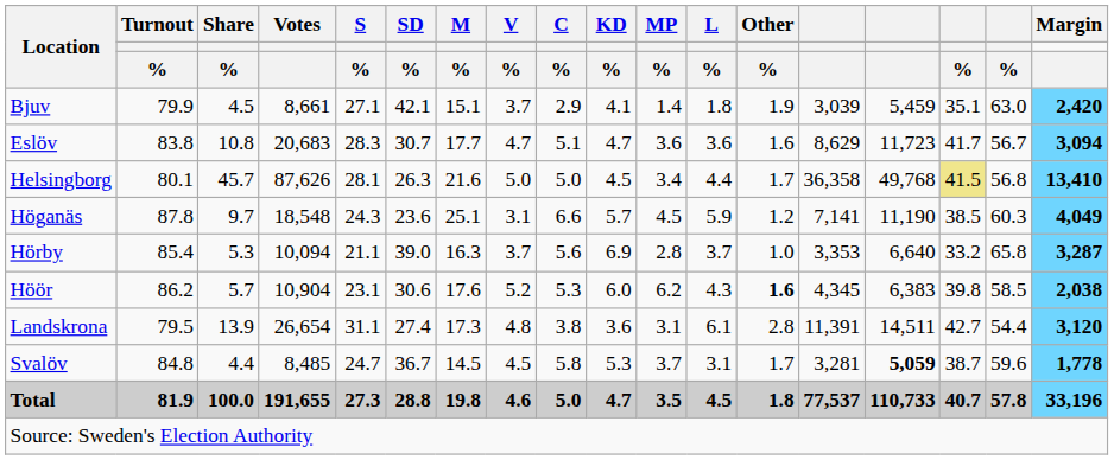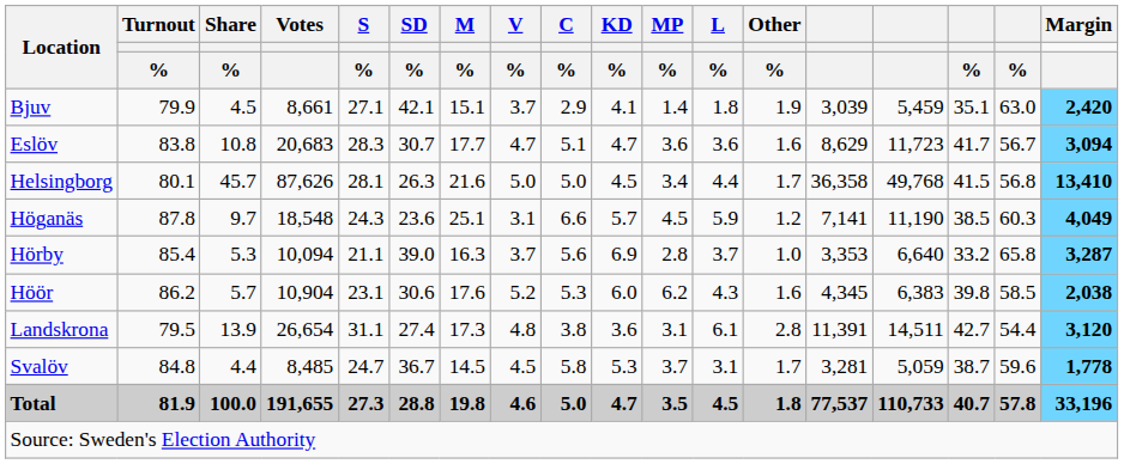 <table class="wikitable sortable" style="text-align:right; font-size:95%; line-height:20px;">
 <tr>
 <th rowspan="3">Location</th>
 <th>Turnout</th>
 <th>Share</th>
 <th>Votes</th>
 <th width="30px" class="unsortable"><a href='#'>S</a></th>
 <th width="30px" class="unsortable"><a href='#'>SD</a></th>
 <th width="30px" class="unsortable"><a href='#'>M</a></th>
 <th width="30px" class="unsortable"><a href='#'>V</a></th>
 <th width="30px" class="unsortable"><a href='#'>C</a></th>
 <th width="30px" class="unsortable"><a href='#'>KD</a></th>
 <th width="30px" class="unsortable"><a href='#'>MP</a></th>
 <th width="30px" class="unsortable"><a href='#'>L</a></th>
 <th width="30px" class="unsortable">Other</th>
 <th></th>
 <th></th>
 <th></th>
 <th></th>
 <th>Margin</th>
 </tr>
 <tr>
 <th></th>
 <th></th>
 <th></th>
 <th style="background:"></th>
 <th style="background:"></th>
 <th style="background:"></th>
 <th style="background:"></th>
 <th style="background:"></th>
 <th style="background:"></th>
 <th style="background:"></th>
 <th style="background:"></th>
 <th style="background:"></th>
 <th style="background:"></th>
 <th style="background:"></th>
 <th style="background:"></th>
 <th style="background:"></th>
 </tr>
 <tr>
 <th data-sort-type="number">%</th>
 <th data-sort-type="number">%</th>
 <th></th>
 <th data-sort-type="number">%</th>
 <th data-sort-type="number">%</th>
 <th data-sort-type="number">%</th>
 <th data-sort-type="number">%</th>
 <th data-sort-type="number">%</th>
 <th data-sort-type="number">%</th>
 <th data-sort-type="number">%</th>
 <th data-sort-type="number">%</th>
 <th data-sort-type="number">%</th>
 <th data-sort-type="number"></th>
 <th data-sort-type="number"></th>
 <th data-sort-type="number">%</th>
 <th data-sort-type="number">%</th>
 <th data-sort-type="number"></th>
 </tr>
 <tr>
 <td align="left"><a href='#'>Bjuv</a></td>
 <td>79.9</td>
 <td>4.5</td>
 <td>8,661</td>
 <td>27.1</td>
 <td>42.1</td>
 <td>15.1</td>
 <td>3.7</td>
 <td>2.9</td>
 <td>4.1</td>
 <td>1.4</td>
 <td>1.8</td>
 <td>1.9</td>
 <td>3,039</td>
 <td>5,459</td>
 <td>35.1</td>
 <td>63.0</td>
 <td bgcolor=#6fd5fe><strong>2,420</strong></td>
 </tr>
 <tr>
 <td align="left"><a href='#'>Eslöv</a></td>
 <td>83.8</td>
 <td>10.8</td>
 <td>20,683</td>
 <td>28.3</td>
 <td>30.7</td>
 <td>17.7</td>
 <td>4.7</td>
 <td>5.1</td>
 <td>4.7</td>
 <td>3.6</td>
 <td>3.6</td>
 <td>1.6</td>
 <td>8,629</td>
 <td>11,723</td>
 <td>41.7</td>
 <td>56.7</td>
 <td bgcolor=#6fd5fe><strong>3,094</strong></td>
 </tr>
 <tr>
 <td align="left"><a href='#'>Helsingborg</a></td>
 <td>80.1</td>
 <td>45.7</td>
 <td>87,626</td>
 <td>28.1</td>
 <td>26.3</td>
 <td>21.6</td>
 <td>5.0</td>
 <td>5.0</td>
 <td>4.5</td>
 <td>3.4</td>
 <td>4.4</td>
 <td>1.7</td>
 <td>36,358</td>
 <td>49,768</td>
-<td style="background: khaki;">41.5</td>
+<td>41.5</td>
 <td>56.8</td>
 <td bgcolor=#6fd5fe><strong>13,410</strong></td>
 </tr>
 <tr>
 <td align="left"><a href='#'>Höganäs</a></td>
 <td>87.8</td>
 <td>9.7</td>
 <td>18,548</td>
 <td>24.3</td>
 <td>23.6</td>
 <td>25.1</td>
 <td>3.1</td>
 <td>6.6</td>
 <td>5.7</td>
 <td>4.5</td>
 <td>5.9</td>
 <td>1.2</td>
 <td>7,141</td>
 <td>11,190</td>
 <td>38.5</td>
 <td>60.3</td>
 <td bgcolor=#6fd5fe><strong>4,049</strong></td>
 </tr>
 <tr>
 <td align="left"><a href='#'>Hörby</a></td>
 <td>85.4</td>
 <td>5.3</td>
 <td>10,094</td>
 <td>21.1</td>
 <td>39.0</td>
 <td>16.3</td>
 <td>3.7</td>
 <td>5.6</td>
 <td>6.9</td>
 <td>2.8</td>
 <td>3.7</td>
 <td>1.0</td>
 <td>3,353</td>
 <td>6,640</td>
 <td>33.2</td>
 <td>65.8</td>
 <td bgcolor=#6fd5fe><strong>3,287</strong></td>
 </tr>
 <tr>
 <td align="left"><a href='#'>Höör</a></td>
 <td>86.2</td>
 <td>5.7</td>
 <td>10,904</td>
 <td>23.1</td>
 <td>30.6</td>
 <td>17.6</td>
 <td>5.2</td>
 <td>5.3</td>
 <td>6.0</td>
 <td>6.2</td>
 <td>4.3</td>
-<td><strong>1.6</strong></td>
+<td>1.6</td>
 <td>4,345</td>
 <td>6,383</td>
 <td>39.8</td>
 <td>58.5</td>
 <td bgcolor=#6fd5fe><strong>2,038</strong></td>
 </tr>
 <tr>
 <td align="left"><a href='#'>Landskrona</a></td>
 <td>79.5</td>
 <td>13.9</td>
 <td>26,654</td>
 <td>31.1</td>
 <td>27.4</td>
 <td>17.3</td>
 <td>4.8</td>
 <td>3.8</td>
 <td>3.6</td>
 <td>3.1</td>
 <td>6.1</td>
 <td>2.8</td>
 <td>11,391</td>
 <td>14,511</td>
 <td>42.7</td>
 <td>54.4</td>
 <td bgcolor=#6fd5fe><strong>3,120</strong></td>
 </tr>
 <tr>
 <td align="left"><a href='#'>Svalöv</a></td>
 <td>84.8</td>
 <td>4.4</td>
 <td>8,485</td>
 <td>24.7</td>
 <td>36.7</td>
 <td>14.5</td>
 <td>4.5</td>
 <td>5.8</td>
 <td>5.3</td>
 <td>3.7</td>
 <td>3.1</td>
 <td>1.7</td>
 <td>3,281</td>
-<td><strong>5,059</strong></td>
+<td>5,059</td>
 <td>38.7</td>
 <td>59.6</td>
 <td bgcolor=#6fd5fe><strong>1,778</strong></td>
 </tr>
 <tr style="background:#CDCDCD;">
 <td align="left"><strong>Total</strong></td>
 <td><strong>81.9</strong></td>
 <td><strong>100.0</strong></td>
 <td><strong>191,655</strong></td>
 <td><strong>27.3</strong></td>
 <td><strong>28.8</strong></td>
 <td><strong>19.8</strong></td>
 <td><strong>4.6</strong></td>
 <td><strong>5.0</strong></td>
 <td><strong>4.7</strong></td>
 <td><strong>3.5</strong></td>
 <td><strong>4.5</strong></td>
 <td><strong>1.8</strong></td>
 <td><strong>77,537</strong></td>
 <td><strong>110,733</strong></td>
 <td><strong>40.7</strong></td>
 <td><strong>57.8</strong></td>
 <td bgcolor=#6fd5fe><strong>33,196</strong></td>
 </tr>
 <tr>
 <td colspan="18" align="left">Source: Sweden's <a href='#'>Election Authority</a></td>
 </tr>
 </table>
